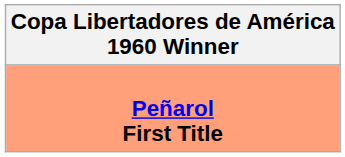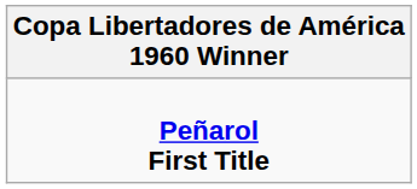 <table class="wikitable" style="text-align: center; margin: 0 auto;">
 <tr>
 <th>Copa Libertadores de América<br>1960 Winner</th>
 </tr>
 <tr>
-<td style="background: lightsalmon;"><br><strong><a href='#'>Peñarol</a></strong><br><strong>First Title</strong></td>
+<td><br><strong><a href='#'>Peñarol</a></strong><br><strong>First Title</strong></td>
 </tr>
 </table>
